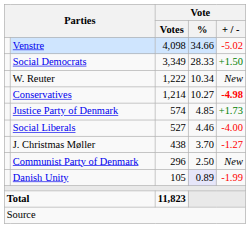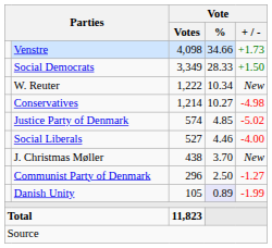 <table class="wikitable" style="text-align:right;">
 <tr>
 <th style="text-align:centre;" rowspan="2" colspan="2" width="225">Parties</th>
 <th colspan="3">Vote</th>
 </tr>
 <tr>
 <th width="15">Votes</th>
 <th width="15">%</th>
 <th width="15">+ / -</th>
 </tr>
 <tr>
 <td width="2" style="color:inherit;background:"></td>
 <td bgcolor=#cfe5fe  align="left"><a href='#'>Venstre</a></td>
 <td bgcolor=#cfe5fe>4,098</td>
 <td bgcolor=#cfe5fe>34.66</td>
-<td style=color:red;>-5.02</td>
+<td style=color:green;>+1.73</td>
 </tr>
 <tr>
 <td width="2" style="color:inherit;background:"></td>
 <td align="left"><a href='#'>Social Democrats</a></td>
 <td>3,349</td>
 <td>28.33</td>
 <td style=color:green;>+1.50</td>
 </tr>
 <tr>
 <td width="2" style="color:inherit;background:"></td>
 <td align="left">W. Reuter</td>
 <td>1,222</td>
 <td>10.34</td>
 <td><em>New</em></td>
 </tr>
 <tr>
 <td width="2" style="color:inherit;background:"></td>
 <td align="left"><a href='#'>Conservatives</a></td>
 <td>1,214</td>
 <td>10.27</td>
-<td style=color:red;><strong>-4.98</strong></td>
+<td style=color:red;>-4.98</td>
 </tr>
 <tr>
 <td width="2" style="color:inherit;background:"></td>
 <td align="left"><a href='#'>Justice Party of Denmark</a></td>
 <td>574</td>
 <td>4.85</td>
-<td style=color:green;>+1.73</td>
+<td style=color:red;>-5.02</td>
 </tr>
 <tr>
 <td width="2" style="color:inherit;background:"></td>
 <td align="left"><a href='#'>Social Liberals</a></td>
 <td>527</td>
 <td>4.46</td>
 <td style=color:red;>-4.00</td>
 </tr>
 <tr>
 <td width="2" style="color:inherit;background:"></td>
 <td align="left">J. Christmas Møller</td>
 <td>438</td>
 <td>3.70</td>
-<td style=color:red;>-1.27</td>
+<td><em>New</em></td>
 </tr>
 <tr>
 <td width="2" style="color:inherit;background:"></td>
 <td align="left"><a href='#'>Communist Party of Denmark</a></td>
 <td>296</td>
 <td>2.50</td>
-<td><em>New</em></td>
+<td style=color:red;>-1.27</td>
 </tr>
 <tr>
 <td width="2" style="color:inherit;background:"></td>
 <td align="left"><a href='#'>Danish Unity</a></td>
 <td>105</td>
 <td style="background: lavender;">0.89</td>
 <td style=color:red;>-1.99</td>
 </tr>
 <tr>
 <td colspan="7" bgcolor="#E9E9E9"></td>
 </tr>
 <tr>
 <td align="left" colspan="2"><strong>Total</strong></td>
 <td><strong>11,823</strong></td>
 <td bgcolor="#E9E9E9" colspan="2"></td>
 </tr>
 <tr>
 <td align="left" colspan="6">Source</td>
 </tr>
 </table>
